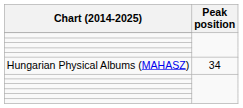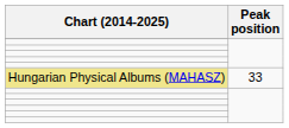 <table class="wikitable sortable plainrowheaders">
 <tr>
 <th>Chart (2014-2025)</th>
 <th>Peak<br>position</th>
 </tr>
 <tr>
 </tr>
 <tr>
 <td></td>
 </tr>
 <tr>
 <td></td>
 </tr>
 <tr>
 <td></td>
 </tr>
 <tr>
 <td></td>
 </tr>
 <tr>
 <td></td>
 </tr>
 <tr>
-<td>Hungarian Physical Albums (<a href='#'>MAHASZ</a>)</td>
-<td style="text-align:center;">34</td>
+<td style="background: khaki;">Hungarian Physical Albums (<a href='#'>MAHASZ</a>)</td>
+<td style="text-align:center;">33</td>
 </tr>
 <tr>
 <td></td>
 </tr>
 <tr>
 <td></td>
 </tr>
 <tr>
 <td></td>
 </tr>
 <tr>
 <td></td>
 </tr>
 <tr>
 <td></td>
 </tr>
 <tr>
 <td></td>
 </tr>
 </table>
